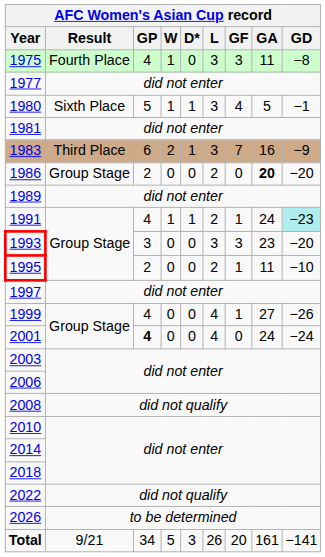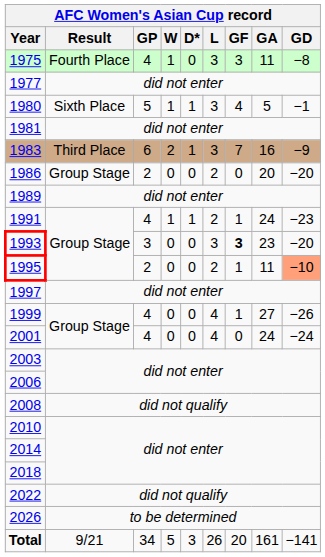 <table class="wikitable" style="text-align: center;">
 <tr>
 <th colspan=10><a href='#'>AFC Women's Asian Cup</a> record</th>
 </tr>
 <tr>
 <th>Year</th>
 <th>Result</th>
 <th>GP</th>
 <th>W</th>
 <th>D*</th>
 <th>L</th>
 <th>GF</th>
 <th>GA</th>
 <th>GD</th>
 </tr>
 <tr style="background:#ccffcc;">
 <td> <a href='#'>1975</a></td>
 <td>Fourth Place</td>
 <td>4</td>
 <td>1</td>
 <td>0</td>
 <td>3</td>
 <td>3</td>
 <td>11</td>
 <td>−8</td>
 </tr>
 <tr>
 <td> <a href='#'>1977</a></td>
 <td colspan="8"><em>did not enter</em></td>
 </tr>
 <tr>
 <td> <a href='#'>1980</a></td>
 <td>Sixth Place</td>
 <td>5</td>
 <td>1</td>
 <td>1</td>
 <td>3</td>
 <td>4</td>
 <td>5</td>
 <td>−1</td>
 </tr>
 <tr>
 <td> <a href='#'>1981</a></td>
 <td colspan="8"><em>did not enter</em></td>
 </tr>
 <tr style="background:#cfaa88">
 <td> <a href='#'>1983</a></td>
 <td>Third Place</td>
 <td>6</td>
 <td>2</td>
 <td>1</td>
 <td>3</td>
 <td>7</td>
 <td>16</td>
 <td>−9</td>
 </tr>
 <tr>
 <td> <a href='#'>1986</a></td>
 <td>Group Stage</td>
 <td>2</td>
 <td>0</td>
 <td>0</td>
 <td>2</td>
 <td>0</td>
-<td><strong>20</strong></td>
+<td>20</td>
 <td>−20</td>
 </tr>
 <tr>
 <td> <a href='#'>1989</a></td>
 <td colspan="8"><em>did not enter</em></td>
 </tr>
 <tr>
 <td> <a href='#'>1991</a></td>
 <td rowspan="3">Group Stage</td>
 <td>4</td>
 <td>1</td>
 <td>1</td>
 <td>2</td>
 <td>1</td>
 <td>24</td>
-<td style="background: paleturquoise;">−23</td>
+<td>−23</td>
 </tr>
 <tr>
 <td style="border: 3px solid red"> <a href='#'>1993</a></td>
 <td>3</td>
 <td>0</td>
 <td>0</td>
 <td>3</td>
-<td>3</td>
+<td><strong>3</strong></td>
 <td>23</td>
 <td>−20</td>
 </tr>
 <tr>
 <td style="border: 3px solid red"> <a href='#'>1995</a></td>
 <td>2</td>
 <td>0</td>
 <td>0</td>
 <td>2</td>
 <td>1</td>
 <td>11</td>
-<td>−10</td>
+<td style="background: lightsalmon;">−10</td>
 </tr>
 <tr>
 <td> <a href='#'>1997</a></td>
 <td colspan="8"><em>did not enter</em></td>
 </tr>
 <tr>
 <td> <a href='#'>1999</a></td>
 <td rowspan="2">Group Stage</td>
 <td>4</td>
 <td>0</td>
 <td>0</td>
 <td>4</td>
 <td>1</td>
 <td>27</td>
 <td>−26</td>
 </tr>
 <tr>
 <td> <a href='#'>2001</a></td>
-<td><strong>4</strong></td>
+<td>4</td>
 <td>0</td>
 <td>0</td>
 <td>4</td>
 <td>0</td>
 <td>24</td>
 <td>−24</td>
 </tr>
 <tr>
 <td> <a href='#'>2003</a></td>
 <td rowspan="2" colspan="8"><em>did not enter</em></td>
 </tr>
 <tr>
 <td> <a href='#'>2006</a></td>
 </tr>
 <tr>
 <td> <a href='#'>2008</a></td>
 <td colspan="8"><em>did not qualify</em></td>
 </tr>
 <tr>
 <td> <a href='#'>2010</a></td>
 <td rowspan="3" colspan="8"><em>did not enter</em></td>
 </tr>
 <tr>
 <td> <a href='#'>2014</a></td>
 </tr>
 <tr>
 <td> <a href='#'>2018</a></td>
 </tr>
 <tr>
 <td> <a href='#'>2022</a></td>
 <td colspan="8"><em>did not qualify</em></td>
 </tr>
 <tr>
 <td> <a href='#'>2026</a></td>
 <td colspan="8"><em>to be determined</em></td>
 </tr>
 <tr>
 <td><strong>Total</strong></td>
 <td>9/21</td>
 <td>34</td>
 <td>5</td>
 <td>3</td>
 <td>26</td>
 <td>20</td>
 <td>161</td>
 <td>−141</td>
 </tr>
 </table>
